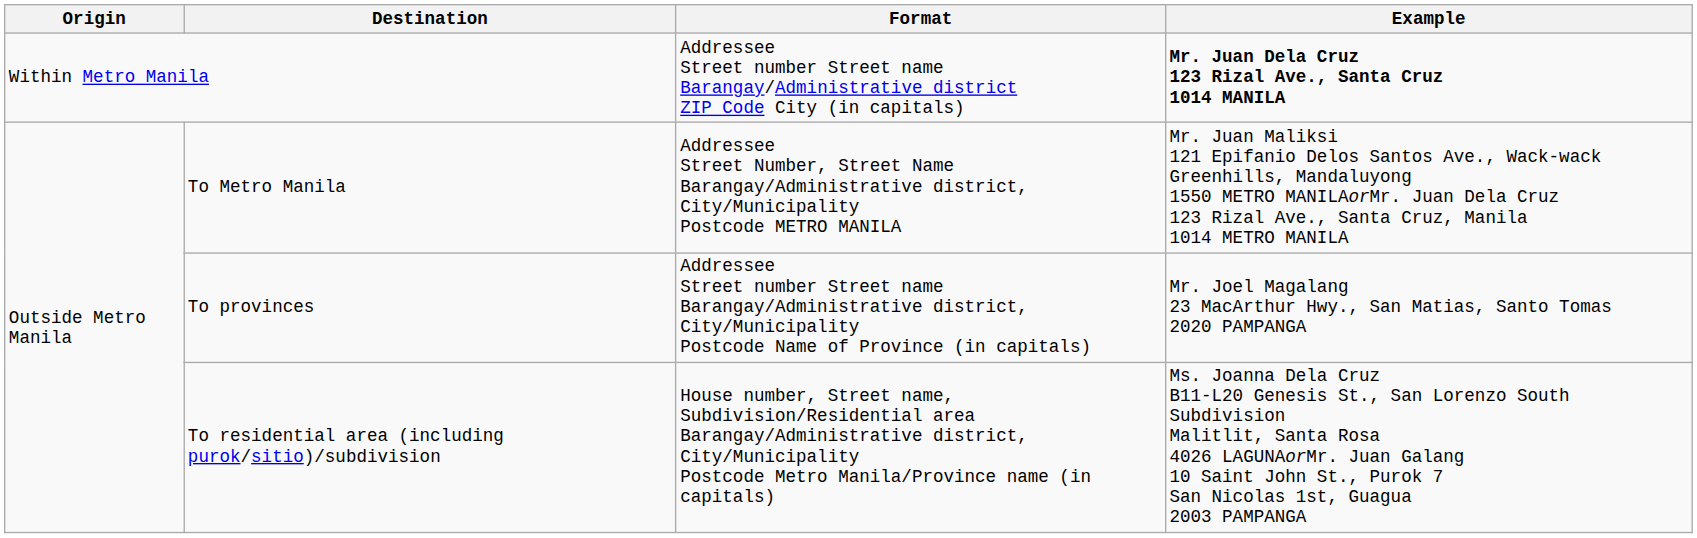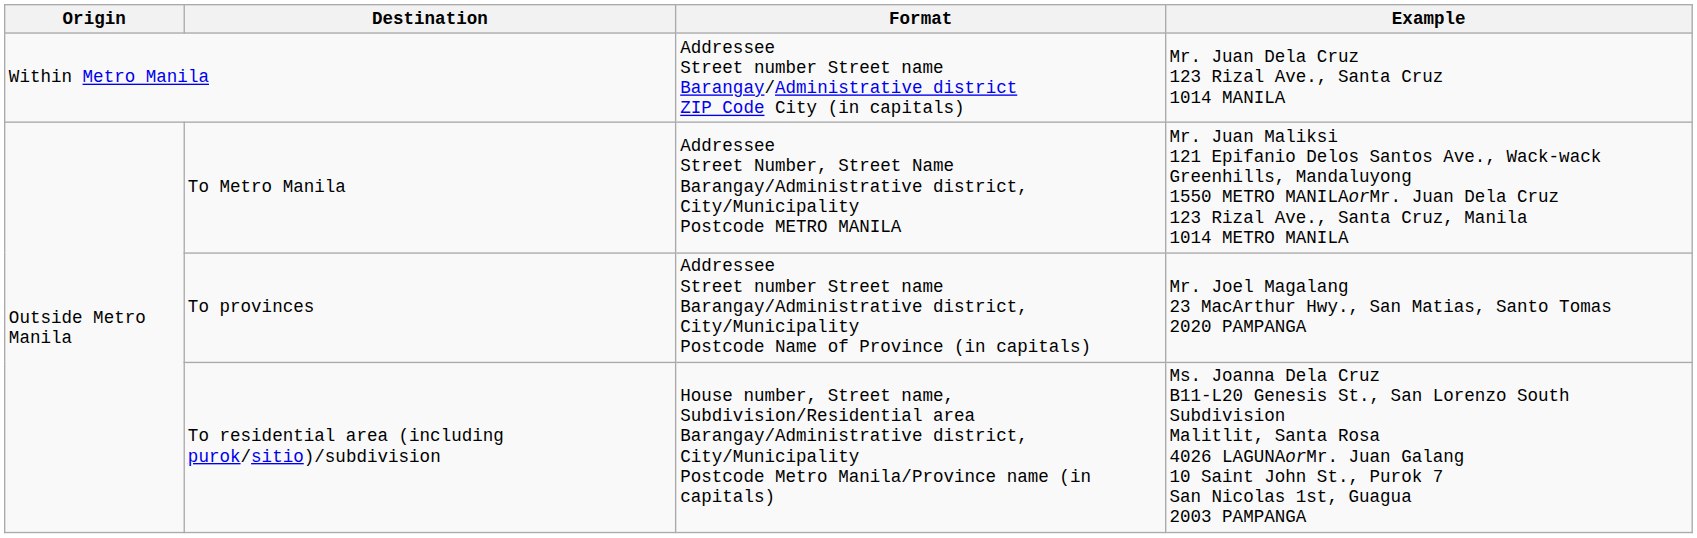 <table class="wikitable">
 <tr>
 <th>Origin</th>
 <th>Destination</th>
 <th>Format</th>
 <th>Example</th>
 </tr>
 <tr>
 <td colspan=2>Within <a href='#'>Metro Manila</a></td>
 <td>Addressee<br>Street number Street name<br><a href='#'>Barangay</a>/<a href='#'>Administrative district</a><br><a href='#'>ZIP Code</a> City (in capitals)</td>
-<td><strong>Mr. Juan Dela Cruz<br>123 Rizal Ave., Santa Cruz<br>1014 MANILA</strong></td>
+<td>Mr. Juan Dela Cruz<br>123 Rizal Ave., Santa Cruz<br>1014 MANILA</td>
 </tr>
 <tr>
 <td rowspan=3>Outside Metro Manila</td>
 <td>To Metro Manila</td>
 <td>Addressee <br>Street Number, Street Name<br>Barangay/Administrative district, City/Municipality<br>Postcode METRO MANILA</td>
 <td>Mr. Juan Maliksi<br>121 Epifanio Delos Santos Ave., Wack-wack Greenhills, Mandaluyong<br>1550 METRO MANILA<em>or</em>Mr. Juan Dela Cruz<br>123 Rizal Ave., Santa Cruz, Manila<br>1014 METRO MANILA</td>
 </tr>
 <tr>
 <td>To provinces</td>
 <td>Addressee<br>Street number Street name<br>Barangay/Administrative district, City/Municipality<br>Postcode Name of Province (in capitals)</td>
 <td>Mr. Joel Magalang<br>23 MacArthur Hwy., San Matias, Santo Tomas<br>2020 PAMPANGA</td>
 </tr>
 <tr>
 <td>To residential area (including <a href='#'>purok</a>/<a href='#'>sitio</a>)/subdivision</td>
 <td>House number, Street name, Subdivision/Residential area<br>Barangay/Administrative district, City/Municipality<br>Postcode Metro Manila/Province name (in capitals)</td>
 <td>Ms. Joanna Dela Cruz<br>B11-L20 Genesis St., San Lorenzo South Subdivision<br>Malitlit, Santa Rosa<br>4026 LAGUNA<em>or</em>Mr. Juan Galang<br>10 Saint John St., Purok 7<br>San Nicolas 1st, Guagua<br>2003 PAMPANGA</td>
 </tr>
 </table>
